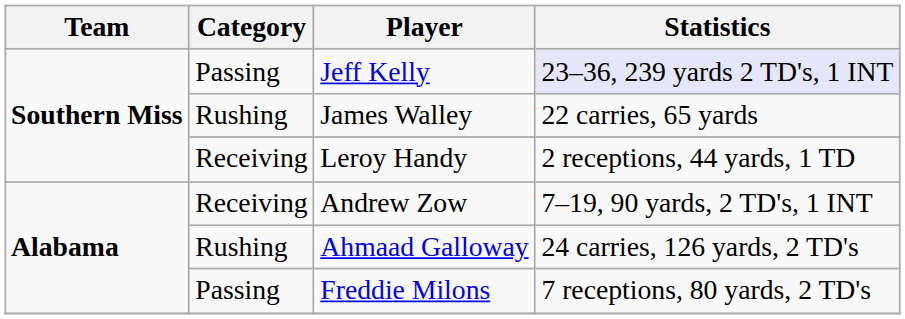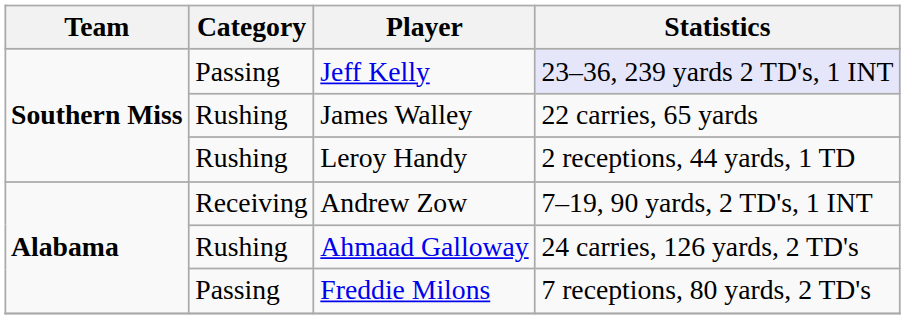 <table class="wikitable" style="float: right;">
 <tr>
 <th>Team</th>
 <th>Category</th>
 <th>Player</th>
 <th>Statistics</th>
 </tr>
 <tr>
 <td rowspan=3><strong>Southern Miss</strong></td>
 <td>Passing</td>
 <td><a href='#'>Jeff Kelly</a></td>
 <td style="background: lavender;">23–36, 239 yards 2 TD's, 1 INT</td>
 </tr>
 <tr>
 <td>Rushing</td>
 <td>James Walley</td>
 <td>22 carries, 65 yards</td>
 </tr>
 <tr>
-<td>Receiving</td>
+<td>Rushing</td>
 <td>Leroy Handy</td>
 <td>2 receptions, 44 yards, 1 TD</td>
 </tr>
 <tr>
 <td rowspan=3><strong>Alabama</strong></td>
 <td>Receiving</td>
 <td>Andrew Zow</td>
 <td>7–19, 90 yards, 2 TD's, 1 INT</td>
 </tr>
 <tr>
 <td>Rushing</td>
 <td><a href='#'>Ahmaad Galloway</a></td>
 <td>24 carries, 126 yards, 2 TD's</td>
 </tr>
 <tr>
 <td>Passing</td>
 <td><a href='#'>Freddie Milons</a></td>
 <td>7 receptions, 80 yards, 2 TD's</td>
 </tr>
 <tr>
 </tr>
 </table>
